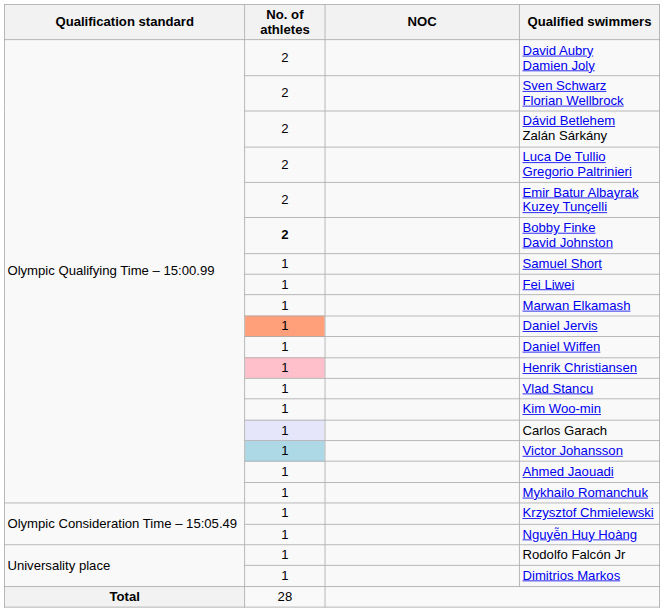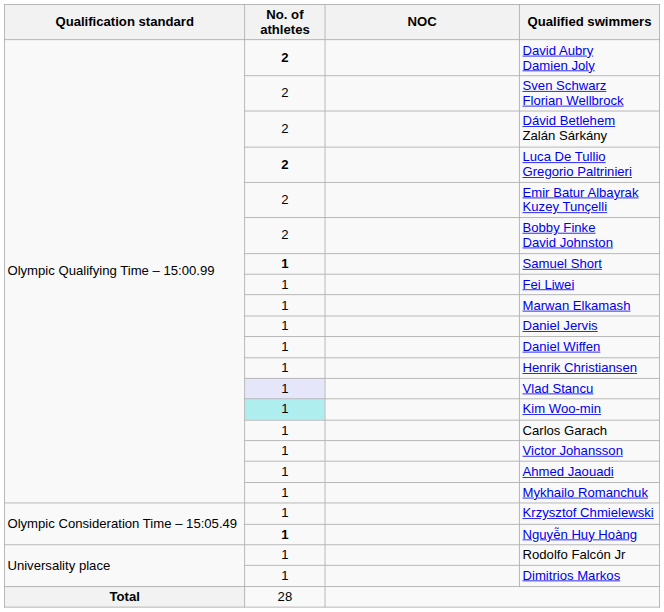 <table class=wikitable style="text-align:left" width=800>
 <tr>
 <th scope="col">Qualification standard</th>
 <th scope="col" width =90>No. of athletes</th>
 <th scope="col" width =230>NOC</th>
 <th scope="col">Qualified swimmers</th>
 </tr>
 <tr>
 <td rowspan=18>Olympic Qualifying Time – 15:00.99</td>
-<td align=center>2</td>
+<td align=center><strong>2</strong></td>
 <td></td>
 <td><a href='#'>David Aubry</a><br><a href='#'>Damien Joly</a></td>
 </tr>
 <tr>
 <td align=center>2</td>
 <td></td>
 <td><a href='#'>Sven Schwarz</a><br><a href='#'>Florian Wellbrock</a></td>
 </tr>
 <tr>
 <td align=center>2</td>
 <td></td>
 <td><a href='#'>Dávid Betlehem</a><br>Zalán Sárkány</td>
 </tr>
 <tr>
-<td align=center>2</td>
+<td align=center><strong>2</strong></td>
 <td></td>
 <td><a href='#'>Luca De Tullio</a><br><a href='#'>Gregorio Paltrinieri</a></td>
 </tr>
 <tr>
 <td align=center>2</td>
 <td></td>
 <td><a href='#'>Emir Batur Albayrak</a><br><a href='#'>Kuzey Tunçelli</a></td>
 </tr>
 <tr>
-<td align=center><strong>2</strong></td>
+<td align=center>2</td>
 <td></td>
 <td><a href='#'>Bobby Finke</a><br><a href='#'>David Johnston</a></td>
 </tr>
 <tr>
-<td align=center>1</td>
+<td align=center><strong>1</strong></td>
 <td></td>
 <td><a href='#'>Samuel Short</a></td>
 </tr>
 <tr>
 <td align=center>1</td>
 <td></td>
 <td><a href='#'>Fei Liwei</a></td>
 </tr>
 <tr>
 <td align=center>1</td>
 <td></td>
 <td><a href='#'>Marwan Elkamash</a></td>
 </tr>
 <tr>
-<td align=center style="background: lightsalmon;">1</td>
+<td align=center>1</td>
 <td></td>
 <td><a href='#'>Daniel Jervis</a></td>
 </tr>
 <tr>
 <td align=center>1</td>
 <td></td>
 <td><a href='#'>Daniel Wiffen</a></td>
 </tr>
 <tr>
-<td align=center style="background: pink;">1</td>
+<td align=center>1</td>
 <td></td>
 <td><a href='#'>Henrik Christiansen</a></td>
 </tr>
 <tr>
-<td align=center>1</td>
+<td align=center style="background: lavender;">1</td>
 <td></td>
 <td><a href='#'>Vlad Stancu</a></td>
 </tr>
 <tr>
-<td align=center>1</td>
+<td align=center style="background: paleturquoise;">1</td>
 <td></td>
 <td><a href='#'>Kim Woo-min</a></td>
 </tr>
 <tr>
-<td align=center style="background: lavender;">1</td>
+<td align=center>1</td>
 <td></td>
 <td>Carlos Garach</td>
 </tr>
 <tr>
-<td align=center style="background: lightblue;">1</td>
+<td align=center>1</td>
 <td></td>
 <td><a href='#'>Victor Johansson</a></td>
 </tr>
 <tr>
 <td align=center>1</td>
 <td></td>
 <td><a href='#'>Ahmed Jaouadi</a></td>
 </tr>
 <tr>
 <td align=center>1</td>
 <td></td>
 <td><a href='#'>Mykhailo Romanchuk</a></td>
 </tr>
 <tr>
 <td rowspan=2>Olympic Consideration Time – 15:05.49</td>
 <td align=center>1</td>
 <td></td>
 <td><a href='#'>Krzysztof Chmielewski</a></td>
 </tr>
 <tr>
-<td align=center>1</td>
+<td align=center><strong>1</strong></td>
 <td></td>
 <td><a href='#'>Nguyễn Huy Hoàng</a></td>
 </tr>
 <tr>
 <td rowspan=2>Universality place</td>
 <td align=center>1</td>
 <td></td>
 <td>Rodolfo Falcón Jr</td>
 </tr>
 <tr>
 <td align=center>1</td>
 <td></td>
 <td><a href='#'>Dimitrios Markos</a></td>
 </tr>
 <tr>
 <th scope="row">Total</th>
 <td align=center>28</td>
 <td colspan=2></td>
 </tr>
 </table>
